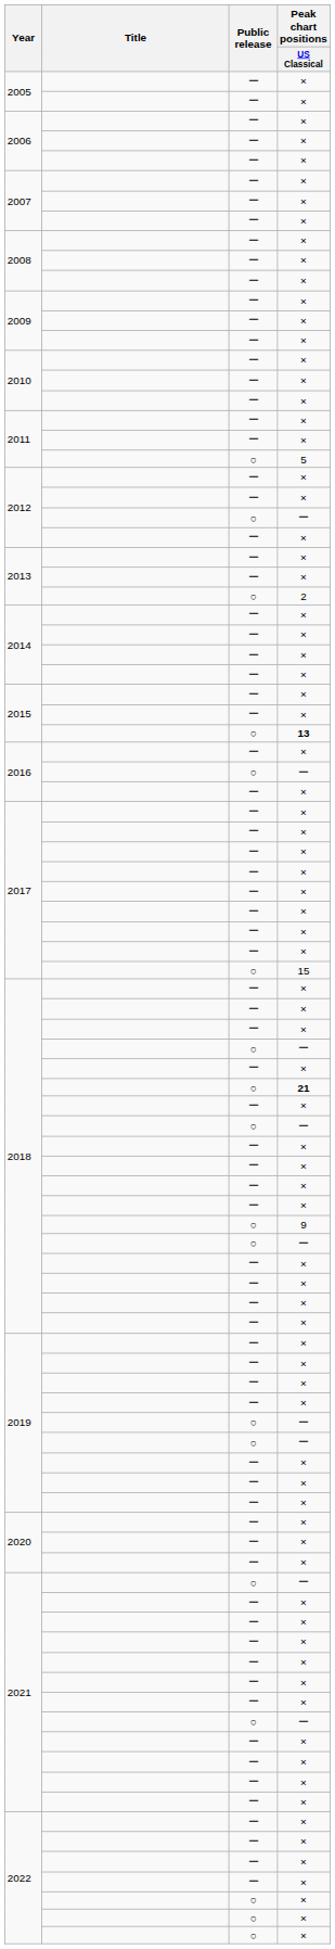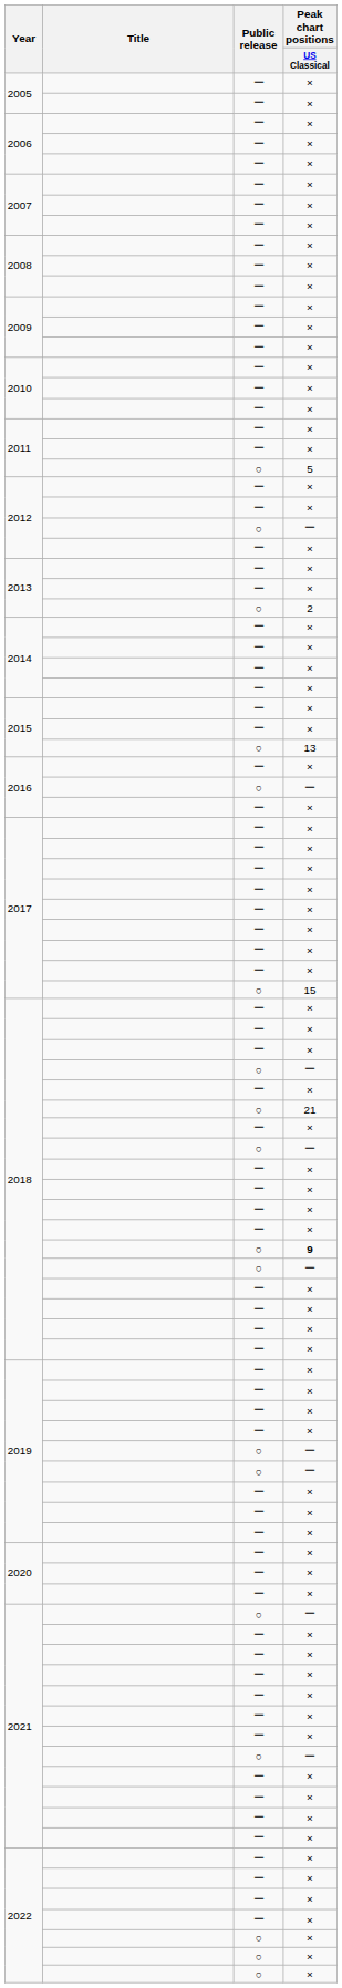 <table class="wikitable" style=font-size:small>
 <tr>
 <th rowspan=2, style="width:3em">Year</th>
 <th rowspan=2, style="width:17em">Title</th>
 <th rowspan=2, style="width:4em">Public release</th>
 <th colspan=1style>Peak chart positions</th>
 </tr>
 <tr style=font-size:smaller;>
 <th width=40><a href='#'>US</a> Classical<br></th>
 </tr>
 <tr>
 <td rowspan=2>2005</td>
 <td><br></td>
 <td style="text-align:center;">ー</td>
 <td style="text-align:center;">×</td>
 </tr>
 <tr>
 <td><br></td>
 <td style="text-align:center;">ー</td>
 <td style="text-align:center;">×</td>
 </tr>
 <tr>
 <td rowspan=3>2006</td>
 <td><br></td>
 <td style="text-align:center;">ー</td>
 <td style="text-align:center;">×</td>
 </tr>
 <tr>
 <td><br></td>
 <td style="text-align:center;">ー</td>
 <td style="text-align:center;">×</td>
 </tr>
 <tr>
 <td><br></td>
 <td style="text-align:center;">ー</td>
 <td style="text-align:center;">×</td>
 </tr>
 <tr>
 <td rowspan=3>2007</td>
 <td><br></td>
 <td style="text-align:center;">ー</td>
 <td style="text-align:center;">×</td>
 </tr>
 <tr>
 <td><br></td>
 <td style="text-align:center;">ー</td>
 <td style="text-align:center;">×</td>
 </tr>
 <tr>
 <td><br></td>
 <td style="text-align:center;">ー</td>
 <td style="text-align:center;">×</td>
 </tr>
 <tr>
 <td rowspan=3>2008</td>
 <td><br></td>
 <td style="text-align:center;">ー</td>
 <td style="text-align:center;">×</td>
 </tr>
 <tr>
 <td><br></td>
 <td style="text-align:center;">ー</td>
 <td style="text-align:center;">×</td>
 </tr>
 <tr>
 <td><br></td>
 <td style="text-align:center;">ー</td>
 <td style="text-align:center;">×</td>
 </tr>
 <tr>
 <td rowspan=3>2009</td>
 <td><br></td>
 <td style="text-align:center;">ー</td>
 <td style="text-align:center;">×</td>
 </tr>
 <tr>
 <td><br></td>
 <td style="text-align:center;">ー</td>
 <td style="text-align:center;">×</td>
 </tr>
 <tr>
 <td><br></td>
 <td style="text-align:center;">ー</td>
 <td style="text-align:center;">×</td>
 </tr>
 <tr>
 <td rowspan=3>2010</td>
 <td><br></td>
 <td style="text-align:center;">ー</td>
 <td style="text-align:center;">×</td>
 </tr>
 <tr>
 <td><br></td>
 <td style="text-align:center;">ー</td>
 <td style="text-align:center;">×</td>
 </tr>
 <tr>
 <td><br></td>
 <td style="text-align:center;">ー</td>
 <td style="text-align:center;">×</td>
 </tr>
 <tr>
 <td rowspan=3>2011</td>
 <td><br></td>
 <td style="text-align:center;">ー</td>
 <td style="text-align:center;">×</td>
 </tr>
 <tr>
 <td><br></td>
 <td style="text-align:center;">ー</td>
 <td style="text-align:center;">×</td>
 </tr>
 <tr>
 <td><br></td>
 <td style="text-align:center;">○</td>
 <td style="text-align:center;">5</td>
 </tr>
 <tr>
 <td rowspan=4>2012</td>
 <td><br></td>
 <td style="text-align:center;">ー</td>
 <td style="text-align:center;">×</td>
 </tr>
 <tr>
 <td><br></td>
 <td style="text-align:center;">ー</td>
 <td style="text-align:center;">×</td>
 </tr>
 <tr>
 <td><br></td>
 <td style="text-align:center;">○</td>
 <td style="text-align:center;">ー</td>
 </tr>
 <tr>
 <td><br></td>
 <td style="text-align:center;">ー</td>
 <td style="text-align:center;">×</td>
 </tr>
 <tr>
 <td rowspan=3>2013</td>
 <td><br></td>
 <td style="text-align:center;">ー</td>
 <td style="text-align:center;">×</td>
 </tr>
 <tr>
 <td><br></td>
 <td style="text-align:center;">ー</td>
 <td style="text-align:center;">×</td>
 </tr>
 <tr>
 <td><br></td>
 <td style="text-align:center;">○</td>
 <td style="text-align:center;">2</td>
 </tr>
 <tr>
 <td rowspan=4>2014</td>
 <td><br></td>
 <td style="text-align:center;">ー</td>
 <td style="text-align:center;">×</td>
 </tr>
 <tr>
 <td><br></td>
 <td style="text-align:center;">ー</td>
 <td style="text-align:center;">×</td>
 </tr>
 <tr>
 <td><br></td>
 <td style="text-align:center;">ー</td>
 <td style="text-align:center;">×</td>
 </tr>
 <tr>
 <td><br></td>
 <td style="text-align:center;">ー</td>
 <td style="text-align:center;">×</td>
 </tr>
 <tr>
 <td rowspan=3>2015</td>
 <td><br></td>
 <td style="text-align:center;">ー</td>
 <td style="text-align:center;">×</td>
 </tr>
 <tr>
 <td><br></td>
 <td style="text-align:center;">ー</td>
 <td style="text-align:center;">×</td>
 </tr>
 <tr>
 <td><br></td>
 <td style="text-align:center;">○</td>
-<td style="text-align:center;"><strong>13</strong></td>
+<td style="text-align:center;">13</td>
 </tr>
 <tr>
 <td rowspan=3>2016</td>
 <td><br></td>
 <td style="text-align:center;">ー</td>
 <td style="text-align:center;">×</td>
 </tr>
 <tr>
 <td><br></td>
 <td style="text-align:center;">○</td>
 <td style="text-align:center;">ー</td>
 </tr>
 <tr>
 <td><br></td>
 <td style="text-align:center;">ー</td>
 <td style="text-align:center;">×</td>
 </tr>
 <tr>
 <td rowspan=9>2017</td>
 <td><br></td>
 <td style="text-align:center;">ー</td>
 <td style="text-align:center;">×</td>
 </tr>
 <tr>
 <td><br></td>
 <td style="text-align:center;">ー</td>
 <td style="text-align:center;">×</td>
 </tr>
 <tr>
 <td><br></td>
 <td style="text-align:center;">ー</td>
 <td style="text-align:center;">×</td>
 </tr>
 <tr>
 <td><br></td>
 <td style="text-align:center;">ー</td>
 <td style="text-align:center;">×</td>
 </tr>
 <tr>
 <td><br></td>
 <td style="text-align:center;">ー</td>
 <td style="text-align:center;">×</td>
 </tr>
 <tr>
 <td><br></td>
 <td style="text-align:center;">ー</td>
 <td style="text-align:center;">×</td>
 </tr>
 <tr>
 <td><br></td>
 <td style="text-align:center;">ー</td>
 <td style="text-align:center;">×</td>
 </tr>
 <tr>
 <td><br></td>
 <td style="text-align:center;">ー</td>
 <td style="text-align:center;">×</td>
 </tr>
 <tr>
 <td><br></td>
 <td style="text-align:center;">○</td>
 <td style="text-align:center;">15</td>
 </tr>
 <tr>
 <td rowspan=18>2018</td>
 <td><br></td>
 <td style="text-align:center;">ー</td>
 <td style="text-align:center;">×</td>
 </tr>
 <tr>
 <td><br></td>
 <td style="text-align:center;">ー</td>
 <td style="text-align:center;">×</td>
 </tr>
 <tr>
 <td><br></td>
 <td style="text-align:center;">ー</td>
 <td style="text-align:center;">×</td>
 </tr>
 <tr>
 <td><br></td>
 <td style="text-align:center;">○</td>
 <td style="text-align:center;">ー</td>
 </tr>
 <tr>
 <td><br></td>
 <td style="text-align:center;">ー</td>
 <td style="text-align:center;">×</td>
 </tr>
 <tr>
 <td><br></td>
 <td style="text-align:center;">○</td>
-<td style="text-align:center;"><strong>21</strong></td>
+<td style="text-align:center;">21</td>
 </tr>
 <tr>
 <td><br></td>
 <td style="text-align:center;">ー</td>
 <td style="text-align:center;">×</td>
 </tr>
 <tr>
 <td><br></td>
 <td style="text-align:center;">○</td>
 <td style="text-align:center;">ー</td>
 </tr>
 <tr>
 <td><br></td>
 <td style="text-align:center;">ー</td>
 <td style="text-align:center;">×</td>
 </tr>
 <tr>
 <td><br></td>
 <td style="text-align:center;">ー</td>
 <td style="text-align:center;">×</td>
 </tr>
 <tr>
 <td><br></td>
 <td style="text-align:center;">ー</td>
 <td style="text-align:center;">×</td>
 </tr>
 <tr>
 <td><br></td>
 <td style="text-align:center;">ー</td>
 <td style="text-align:center;">×</td>
 </tr>
 <tr>
 <td><br></td>
 <td style="text-align:center;">○</td>
-<td style="text-align:center;">9</td>
+<td style="text-align:center;"><strong>9</strong></td>
 </tr>
 <tr>
 <td><br></td>
 <td style="text-align:center;">○</td>
 <td style="text-align:center;">ー</td>
 </tr>
 <tr>
 <td><br></td>
 <td style="text-align:center;">ー</td>
 <td style="text-align:center;">×</td>
 </tr>
 <tr>
 <td><br></td>
 <td style="text-align:center;">ー</td>
 <td style="text-align:center;">×</td>
 </tr>
 <tr>
 <td><br></td>
 <td style="text-align:center;">ー</td>
 <td style="text-align:center;">×</td>
 </tr>
 <tr>
 <td><br></td>
 <td style="text-align:center;">ー</td>
 <td style="text-align:center;">×</td>
 </tr>
 <tr>
 <td rowspan="9">2019</td>
 <td><br></td>
 <td style="text-align:center;">ー</td>
 <td style="text-align:center;">×</td>
 </tr>
 <tr>
 <td><br></td>
 <td style="text-align:center;">ー</td>
 <td style="text-align:center;">×</td>
 </tr>
 <tr>
 <td><br></td>
 <td style="text-align:center;">ー</td>
 <td style="text-align:center;">×</td>
 </tr>
 <tr>
 <td><br></td>
 <td style="text-align:center;">ー</td>
 <td style="text-align:center;">×</td>
 </tr>
 <tr>
 <td><br></td>
 <td style="text-align:center;">○</td>
 <td style="text-align:center;">ー</td>
 </tr>
 <tr>
 <td><br></td>
 <td style="text-align:center;">○</td>
 <td style="text-align:center;">ー</td>
 </tr>
 <tr>
 <td><br></td>
 <td style="text-align:center;">ー</td>
 <td style="text-align:center;">×</td>
 </tr>
 <tr>
 <td><br></td>
 <td style="text-align:center;">ー</td>
 <td style="text-align:center;">×</td>
 </tr>
 <tr>
 <td><br></td>
 <td style="text-align:center;">ー</td>
 <td style="text-align:center;">×</td>
 </tr>
 <tr>
 <td rowspan=3>2020</td>
 <td><br></td>
 <td style="text-align:center;">ー</td>
 <td style="text-align:center;">×</td>
 </tr>
 <tr>
 <td><br></td>
 <td style="text-align:center;">ー</td>
 <td style="text-align:center;">×</td>
 </tr>
 <tr>
 <td><br></td>
 <td style="text-align:center;">ー</td>
 <td style="text-align:center;">×</td>
 </tr>
 <tr>
 <td rowspan=12>2021</td>
 <td><br></td>
 <td style="text-align:center;">○</td>
 <td style="text-align:center;">ー</td>
 </tr>
 <tr>
 <td><br></td>
 <td style="text-align:center;">ー</td>
 <td style="text-align:center;">×</td>
 </tr>
 <tr>
 <td><br></td>
 <td style="text-align:center;">ー</td>
 <td style="text-align:center;">×</td>
 </tr>
 <tr>
 <td><br></td>
 <td style="text-align:center;">ー</td>
 <td style="text-align:center;">×</td>
 </tr>
 <tr>
 <td><br></td>
 <td style="text-align:center;">ー</td>
 <td style="text-align:center;">×</td>
 </tr>
 <tr>
 <td><br></td>
 <td style="text-align:center;">ー</td>
 <td style="text-align:center;">×</td>
 </tr>
 <tr>
 <td><br></td>
 <td style="text-align:center;">ー</td>
 <td style="text-align:center;">×</td>
 </tr>
 <tr>
 <td><br></td>
 <td style="text-align:center;">○</td>
 <td style="text-align:center;">ー</td>
 </tr>
 <tr>
 <td><br></td>
 <td style="text-align:center;">ー</td>
 <td style="text-align:center;">×</td>
 </tr>
 <tr>
 <td><br></td>
 <td style="text-align:center;">ー</td>
 <td style="text-align:center;">×</td>
 </tr>
 <tr>
 <td><br></td>
 <td style="text-align:center;">ー</td>
 <td style="text-align:center;">×</td>
 </tr>
 <tr>
 <td><br></td>
 <td style="text-align:center;">ー</td>
 <td style="text-align:center;">×</td>
 </tr>
 <tr>
 <td rowspan="7">2022</td>
 <td><br></td>
 <td style="text-align:center;">ー</td>
 <td style="text-align:center;">×</td>
 </tr>
 <tr>
 <td><br></td>
 <td style="text-align:center;">ー</td>
 <td style="text-align:center;">×</td>
 </tr>
 <tr>
 <td><br></td>
 <td style="text-align:center;">ー</td>
 <td style="text-align:center;">×</td>
 </tr>
 <tr>
 <td><br></td>
 <td style="text-align:center;">ー</td>
 <td style="text-align:center;">×</td>
 </tr>
 <tr>
 <td><br></td>
 <td style="text-align:center;">○</td>
 <td style="text-align:center;">×</td>
 </tr>
 <tr>
 <td><br></td>
 <td style="text-align:center;">○</td>
 <td style="text-align:center;">×</td>
 </tr>
 <tr>
 <td><br></td>
 <td style="text-align:center;">○</td>
 <td style="text-align:center;">×</td>
 </tr>
 </table>
